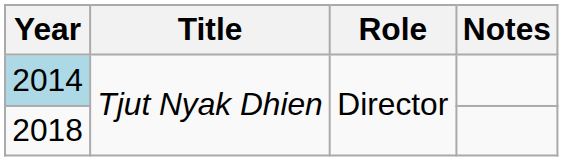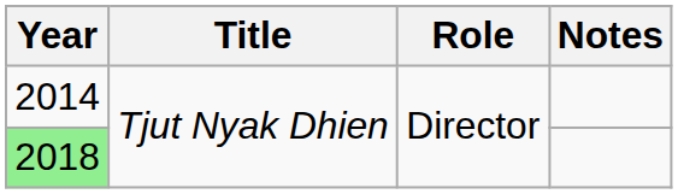 <table class="wikitable">
 <tr>
 <th>Year</th>
 <th>Title</th>
 <th>Role</th>
 <th>Notes</th>
 </tr>
 <tr>
-<td style="background: lightblue;">2014</td>
+<td>2014</td>
 <td rowspan="2"><em>Tjut Nyak Dhien</em></td>
 <td rowspan="2">Director</td>
 <td></td>
 </tr>
 <tr>
-<td>2018</td>
+<td style="background: lightgreen;">2018</td>
 <td></td>
 </tr>
 </table>
